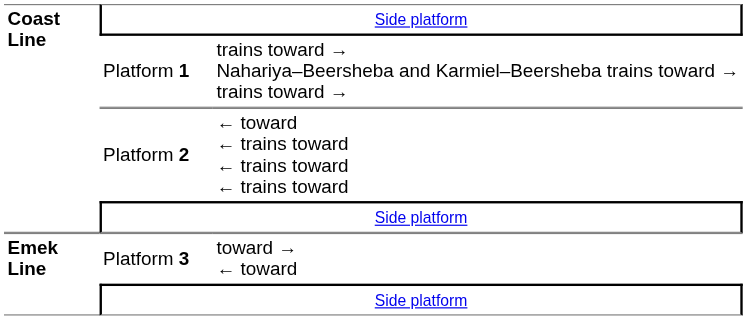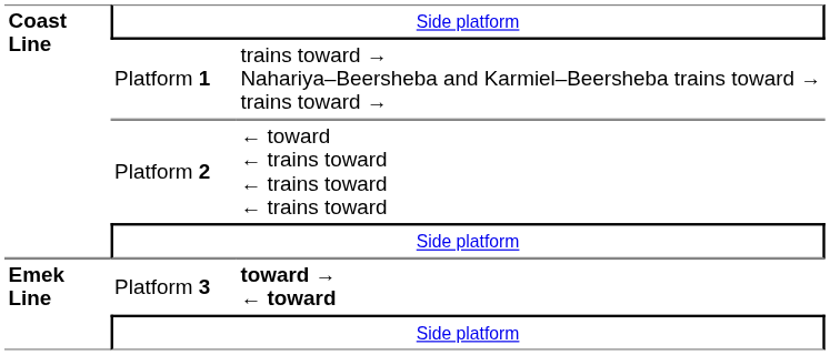 <table border=0 cellspacing=0 cellpadding=3>
 <tr>
 <td style="border-top:solid 1px gray;border-bottom:solid 1px gray;vertical-align:top;" rowspan=4 width=75px><strong>Coast Line</strong></td>
 <td style="border-top:solid 1px gray;border-right:solid 2px black;border-left:solid 2px black;border-bottom:solid 2px black;text-align:center;" colspan=2><small><a href='#'>Side platform</a></small></td>
 </tr>
 <tr>
 <td style="border-bottom:solid 1px gray;" width=90>Platform <strong>1</strong></td>
 <td style="border-bottom:solid 1px gray;">  trains toward   →<br>   Nahariya–Beersheba and Karmiel–Beersheba trains toward   →<br>  trains toward   →</td>
 </tr>
 <tr>
 <td style="border-top:solid 1px gray;">Platform <strong>2</strong></td>
 <td style="border-top:solid 1px gray;">←  toward  <br>←  trains toward  <br>←  trains toward  <br>←  trains toward  </td>
 </tr>
 <tr>
 <td style="border-top:solid 2px black;border-right:solid 2px black;border-left:solid 2px black;border-bottom:solid 1px gray;text-align:center;" colspan=2><small><a href='#'>Side platform</a></small></td>
 </tr>
 <tr>
 <td style="border-top:solid 1px gray;border-bottom:solid 1px gray;vertical-align:top;" rowspan=2><strong>Emek Line</strong></td>
 <td style="border-top:solid 1px gray;">Platform <strong>3</strong></td>
-<td style="border-top:solid 1px gray;">  toward   →<br>←  toward  </td>
+<td style="border-top:solid 1px gray;"><strong>  toward   →<br>←  toward  </strong></td>
 </tr>
 <tr>
 <td style="border-top:solid 2px black;border-right:solid 2px black;border-left:solid 2px black;border-bottom:solid 1px gray;text-align:center;" colspan=2><small><a href='#'>Side platform</a></small></td>
 </tr>
 </table>
